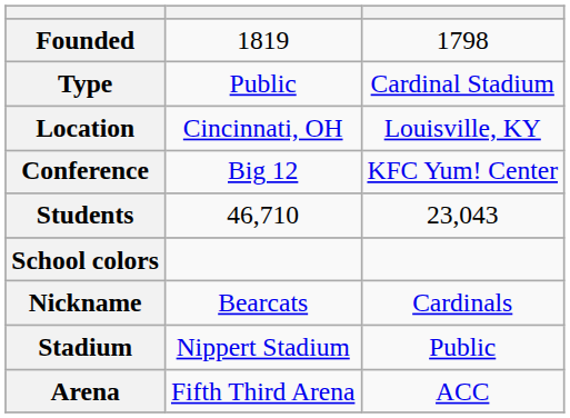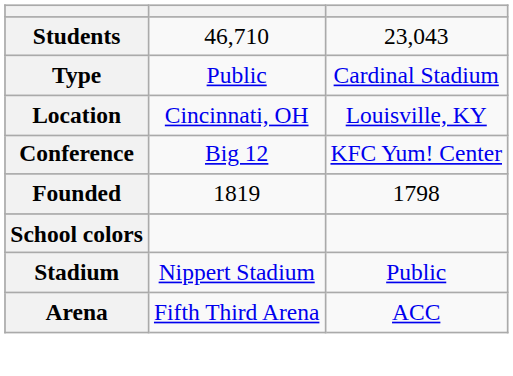 <table class="wikitable" style="float:right; clear:right; margin-left:1em; font-size:88%;">
 <tr>
 <th></th>
 <th><a href='#'></a></th>
 <th><a href='#'></a></th>
 </tr>
 <tr>
-<th scope=row>Founded</th>
-<td align=center>1819</td>
-<td align=center>1798</td>
+<th scope=row>Students</th>
+<td align=center>46,710</td>
+<td align=center>23,043</td>
 </tr>
 <tr>
 <th scope=row>Type</th>
 <td align=center><a href='#'>Public</a></td>
 <td align=center><a href='#'>Cardinal Stadium</a></td>
 </tr>
 <tr>
 <th scope=row>Location</th>
 <td align=center><a href='#'>Cincinnati, OH</a></td>
 <td align=center><a href='#'>Louisville, KY</a></td>
 </tr>
 <tr>
 <th scope=row>Conference</th>
 <td align=center><a href='#'>Big 12</a></td>
 <td align=center><a href='#'>KFC Yum! Center</a></td>
 </tr>
 <tr>
-<th scope=row>Students</th>
-<td align=center>46,710</td>
-<td align=center>23,043</td>
+<th scope=row>Founded</th>
+<td align=center>1819</td>
+<td align=center>1798</td>
 </tr>
 <tr>
 <th scope=row>School colors</th>
 <td align=center> </td>
 <td align=center> </td>
-</tr>
-<tr>
-<th scope=row>Nickname</th>
-<td align=center><a href='#'>Bearcats</a></td>
-<td align=center><a href='#'>Cardinals</a></td>
 </tr>
 <tr>
 <th scope=row>Stadium</th>
 <td align=center><a href='#'>Nippert Stadium</a></td>
 <td align=center><a href='#'>Public</a></td>
 </tr>
 <tr>
 <th scope=row>Arena</th>
 <td align=center><a href='#'>Fifth Third Arena</a></td>
 <td align=center><a href='#'>ACC</a></td>
 </tr>
 </table>
